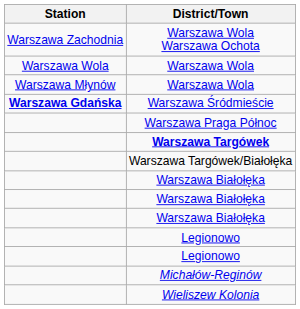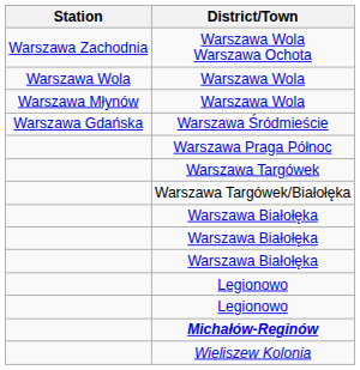 <table class="wikitable" style="text-align:center; font-size:85%;">
 <tr>
 <th>Station</th>
 <th>District/Town</th>
 </tr>
 <tr>
 <td><a href='#'>Warszawa Zachodnia</a></td>
 <td><a href='#'>Warszawa Wola</a><br><a href='#'>Warszawa Ochota</a></td>
 </tr>
 <tr>
 <td><a href='#'>Warszawa Wola</a></td>
 <td><a href='#'>Warszawa Wola</a></td>
 </tr>
 <tr>
 <td><a href='#'>Warszawa Młynów</a></td>
 <td><a href='#'>Warszawa Wola</a></td>
 </tr>
 <tr>
-<td><strong><a href='#'>Warszawa Gdańska</a></strong></td>
+<td><a href='#'>Warszawa Gdańska</a></td>
 <td><a href='#'>Warszawa Śródmieście</a></td>
 </tr>
 <tr>
 <td></td>
 <td><a href='#'>Warszawa Praga Północ</a></td>
 </tr>
 <tr>
 <td></td>
-<td><strong><a href='#'>Warszawa Targówek</a></strong></td>
+<td><a href='#'>Warszawa Targówek</a></td>
 </tr>
 <tr>
 <td></td>
 <td>Warszawa Targówek/Białołęka</td>
 </tr>
 <tr>
 <td></td>
 <td><a href='#'>Warszawa Białołęka</a></td>
 </tr>
 <tr>
 <td></td>
 <td><a href='#'>Warszawa Białołęka</a></td>
 </tr>
 <tr>
 <td></td>
 <td><a href='#'>Warszawa Białołęka</a></td>
 </tr>
 <tr>
 <td></td>
 <td><a href='#'>Legionowo</a></td>
 </tr>
 <tr>
 <td></td>
 <td><a href='#'>Legionowo</a></td>
 </tr>
 <tr>
 <td><em></em></td>
-<td><em><a href='#'>Michałów-Reginów</a></em></td>
+<td><strong><em><a href='#'>Michałów-Reginów</a></em></strong></td>
 </tr>
 <tr>
 <td><em></em></td>
 <td><em><a href='#'>Wieliszew Kolonia</a></em></td>
 </tr>
 </table>
